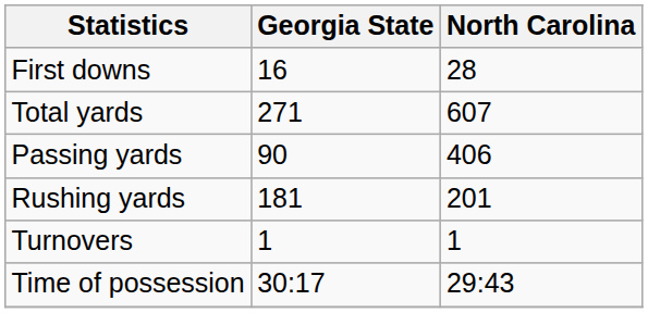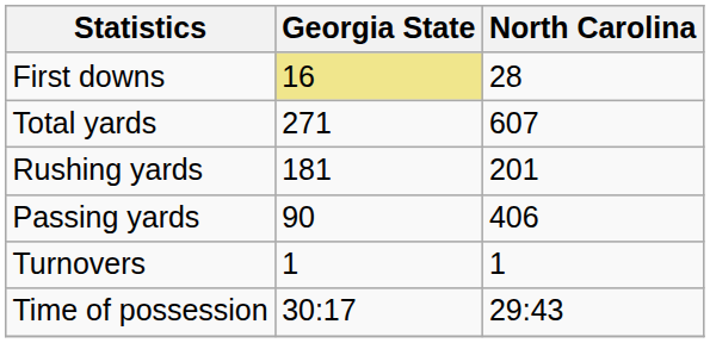 <table class="wikitable">
 <tr>
 <th>Statistics</th>
 <th>Georgia State</th>
 <th>North Carolina</th>
 </tr>
 <tr>
 <td>First downs</td>
-<td>16</td>
+<td style="background: khaki;">16</td>
 <td>28</td>
 </tr>
 <tr>
 <td>Total yards</td>
 <td>271</td>
 <td>607</td>
 </tr>
 <tr>
+<td>Rushing yards</td>
+<td>181</td>
+<td>201</td>
+</tr>
+<tr>
 <td>Passing yards</td>
 <td>90</td>
 <td>406</td>
-</tr>
-<tr>
-<td>Rushing yards</td>
-<td>181</td>
-<td>201</td>
 </tr>
 <tr>
 <td>Turnovers</td>
 <td>1</td>
 <td>1</td>
 </tr>
 <tr>
 <td>Time of possession</td>
 <td>30:17</td>
 <td>29:43</td>
 </tr>
 <tr>
 </tr>
 </table>
